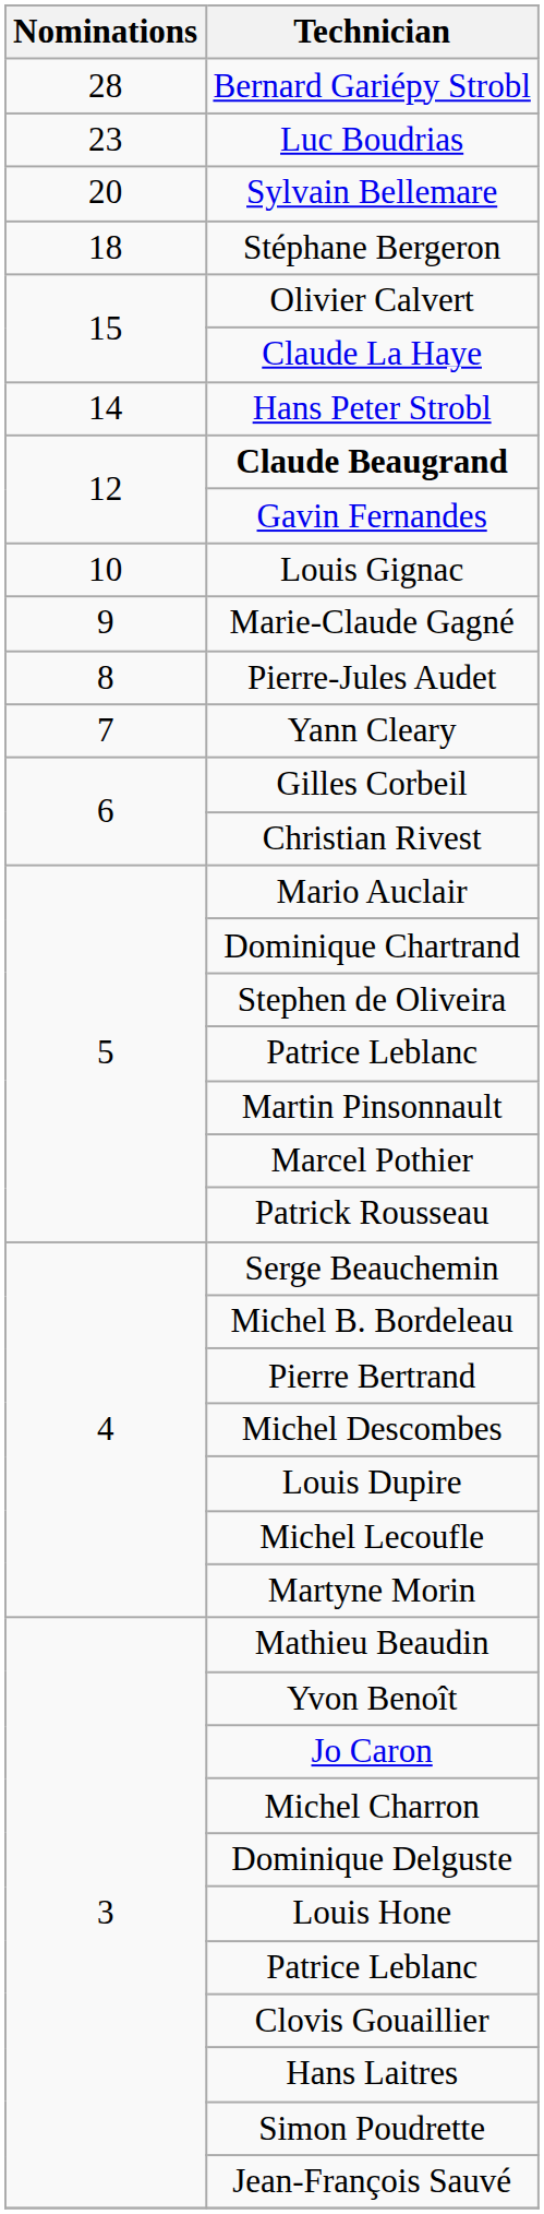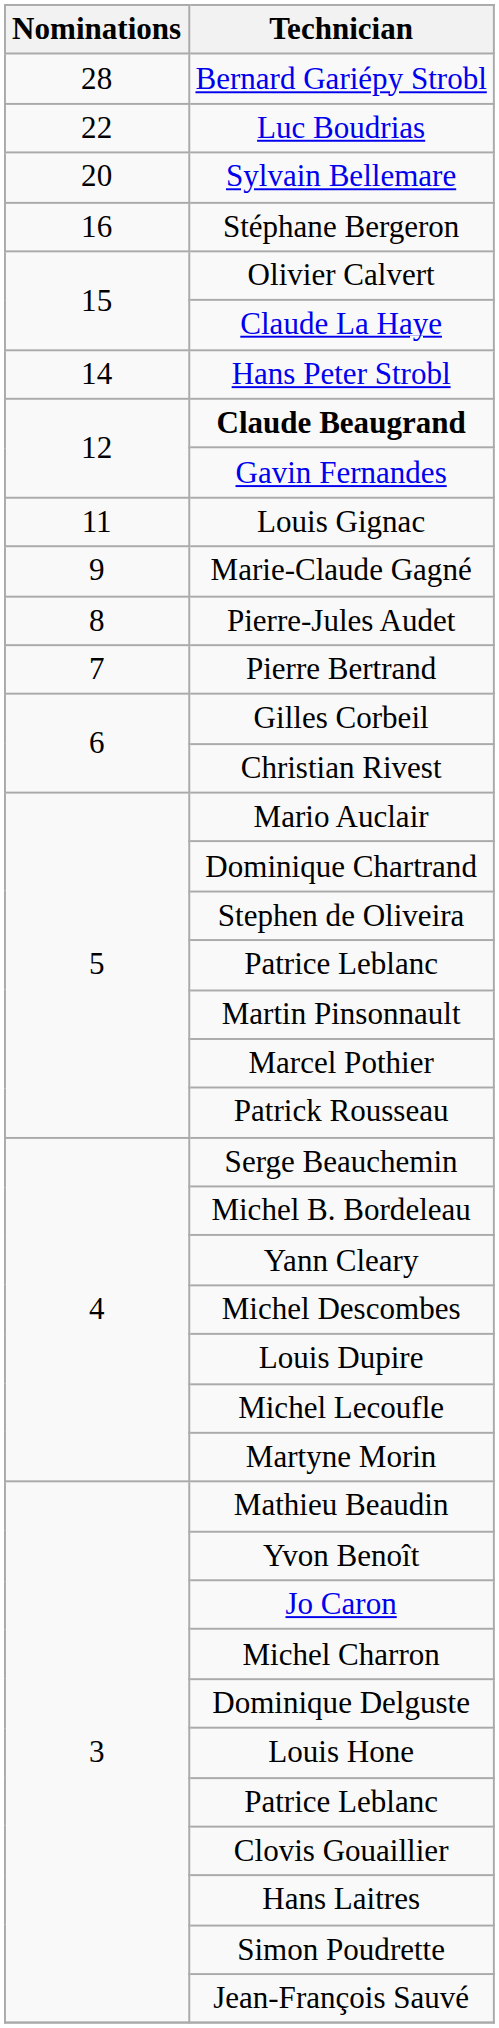 <table class="wikitable" style="text-align:center;">
 <tr>
 <th scope="col" width="17">Nominations</th>
 <th scope="col" align="center">Technician</th>
 </tr>
 <tr>
 <td rowspan="1" style="text-align:center;">28</td>
 <td><a href='#'>Bernard Gariépy Strobl</a></td>
 </tr>
 <tr>
-<td rowspan="1" style="text-align:center;">23</td>
+<td rowspan="1" style="text-align:center;">22</td>
 <td><a href='#'>Luc Boudrias</a></td>
 </tr>
 <tr>
 <td rowspan="1" style="text-align:center;">20</td>
 <td><a href='#'>Sylvain Bellemare</a></td>
 </tr>
 <tr>
-<td rowspan="1" style="text-align:center;">18</td>
+<td rowspan="1" style="text-align:center;">16</td>
 <td>Stéphane Bergeron</td>
 </tr>
 <tr>
 <td rowspan="2" style="text-align:center;">15</td>
 <td>Olivier Calvert</td>
 </tr>
 <tr>
 <td><a href='#'>Claude La Haye</a></td>
 </tr>
 <tr>
 <td rowspan="1" style="text-align:center;">14</td>
 <td><a href='#'>Hans Peter Strobl</a></td>
 </tr>
 <tr>
 <td rowspan="2" style="text-align:center;">12</td>
 <td><strong>Claude Beaugrand</strong></td>
 </tr>
 <tr>
 <td><a href='#'>Gavin Fernandes</a></td>
 </tr>
 <tr>
-<td rowspan="1" style="text-align:center;">10</td>
+<td rowspan="1" style="text-align:center;">11</td>
 <td>Louis Gignac</td>
 </tr>
 <tr>
 <td rowspan="1" style="text-align:center;">9</td>
 <td>Marie-Claude Gagné</td>
 </tr>
 <tr>
 <td rowspan="1" style="text-align:center;">8</td>
 <td>Pierre-Jules Audet</td>
 </tr>
 <tr>
 <td rowspan="1" style="text-align:center;">7</td>
-<td>Yann Cleary</td>
+<td>Pierre Bertrand</td>
 </tr>
 <tr>
 <td rowspan="2" style="text-align:center;">6</td>
 <td>Gilles Corbeil</td>
 </tr>
 <tr>
 <td>Christian Rivest</td>
 </tr>
 <tr>
 <td rowspan="7" style="text-align:center;">5</td>
 <td>Mario Auclair</td>
 </tr>
 <tr>
 <td>Dominique Chartrand</td>
 </tr>
 <tr>
 <td>Stephen de Oliveira</td>
 </tr>
 <tr>
 <td>Patrice Leblanc</td>
 </tr>
 <tr>
 <td>Martin Pinsonnault</td>
 </tr>
 <tr>
 <td>Marcel Pothier</td>
 </tr>
 <tr>
 <td>Patrick Rousseau</td>
 </tr>
 <tr>
 <td rowspan="7" style="text-align:center;">4</td>
 <td>Serge Beauchemin</td>
 </tr>
 <tr>
 <td>Michel B. Bordeleau</td>
 </tr>
 <tr>
-<td>Pierre Bertrand</td>
+<td>Yann Cleary</td>
 </tr>
 <tr>
 <td>Michel Descombes</td>
 </tr>
 <tr>
 <td>Louis Dupire</td>
 </tr>
 <tr>
 <td>Michel Lecoufle</td>
 </tr>
 <tr>
 <td>Martyne Morin</td>
 </tr>
 <tr>
 <td rowspan="11" style="text-align:center;">3</td>
 <td>Mathieu Beaudin</td>
 </tr>
 <tr>
 <td>Yvon Benoît</td>
 </tr>
 <tr>
 <td><a href='#'>Jo Caron</a></td>
 </tr>
 <tr>
 <td>Michel Charron</td>
 </tr>
 <tr>
 <td>Dominique Delguste</td>
 </tr>
 <tr>
 <td>Louis Hone</td>
 </tr>
 <tr>
 <td>Patrice Leblanc</td>
 </tr>
 <tr>
 <td>Clovis Gouaillier</td>
 </tr>
 <tr>
 <td>Hans Laitres</td>
 </tr>
 <tr>
 <td>Simon Poudrette</td>
 </tr>
 <tr>
 <td>Jean-François Sauvé</td>
 </tr>
 <tr>
 </tr>
 </table>
